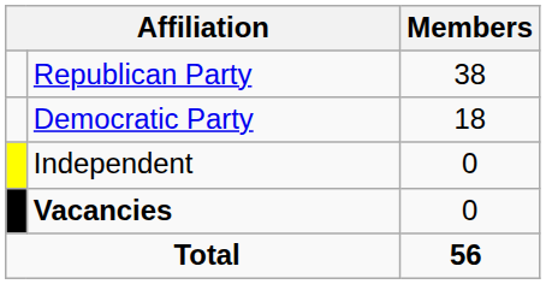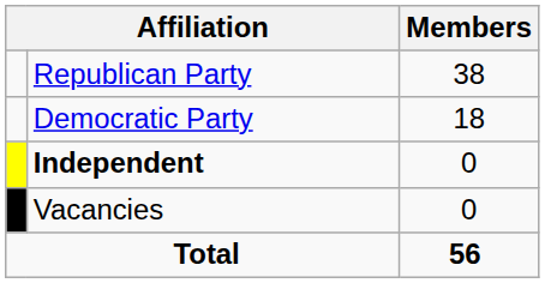 <table class="wikitable">
 <tr>
 <th colspan=2 align=center valign=bottom>Affiliation</th>
 <th colspan=2 align=center valign=bottom>Members</th>
 </tr>
 <tr>
 <td></td>
 <td width="201"><a href='#'>Republican Party</a></td>
 <td colspan=2 align=center>38</td>
 </tr>
 <tr>
 <td></td>
 <td><a href='#'>Democratic Party</a></td>
 <td colspan=2 align=center>18</td>
 </tr>
 <tr>
 <td bgcolor="yellow"> </td>
-<td>Independent</td>
+<td><strong>Independent</strong></td>
 <td colspan=2 align=center>0</td>
 </tr>
 <tr>
 <td bgcolor="black"> </td>
-<td><strong>Vacancies</strong></td>
+<td>Vacancies</td>
 <td colspan=2 align=center>0</td>
 </tr>
 <tr>
 <td colspan=2 align=center> <strong>Total</strong></td>
 <td colspan=2 align=center><strong>56</strong> </td>
 </tr>
 </table>
